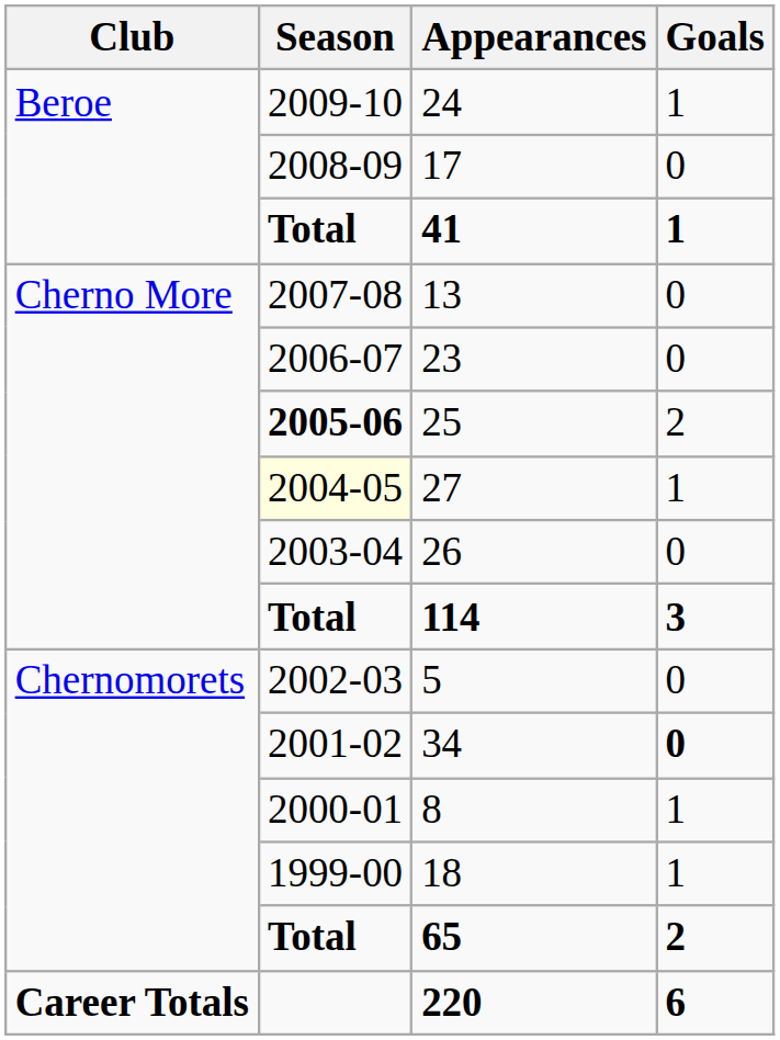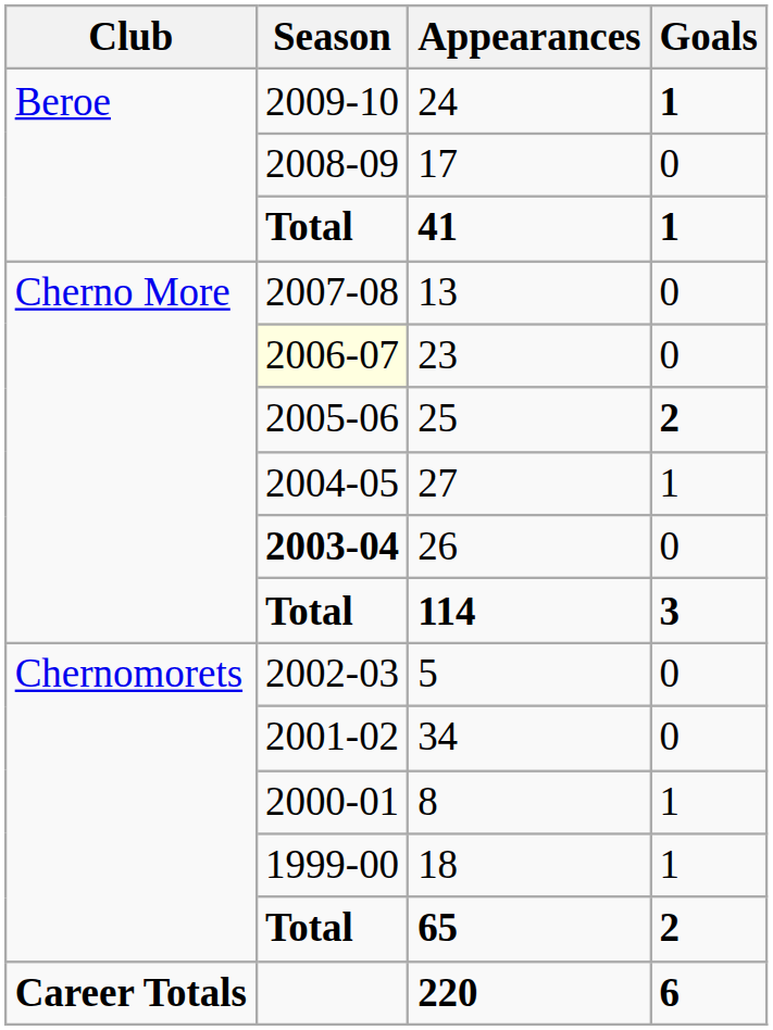 <table class="wikitable">
 <tr>
 <th rowspan="1">Club</th>
 <th rowspan="1">Season</th>
 <th rowspan="1">Appearances</th>
 <th rowspan="1">Goals</th>
 </tr>
 <tr>
 <td rowspan="3" valign=top><a href='#'>Beroe</a></td>
 <td>2009-10</td>
 <td>24</td>
-<td>1</td>
+<td><strong>1</strong></td>
 </tr>
 <tr>
 <td>2008-09</td>
 <td>17</td>
 <td>0</td>
 </tr>
 <tr>
 <td><strong>Total</strong></td>
 <td><strong>41</strong></td>
 <td><strong>1</strong></td>
 </tr>
 <tr>
 <td rowspan="6" valign=top><a href='#'>Cherno More</a></td>
 <td>2007-08</td>
 <td>13</td>
 <td>0</td>
 </tr>
 <tr>
-<td>2006-07</td>
+<td style="background: lightyellow;">2006-07</td>
 <td>23</td>
 <td>0</td>
 </tr>
 <tr>
-<td><strong>2005-06</strong></td>
+<td>2005-06</td>
 <td>25</td>
-<td>2</td>
+<td><strong>2</strong></td>
 </tr>
 <tr>
-<td style="background: lightyellow;">2004-05</td>
+<td>2004-05</td>
 <td>27</td>
 <td>1</td>
 </tr>
 <tr>
-<td>2003-04</td>
+<td><strong>2003-04</strong></td>
 <td>26</td>
 <td>0</td>
 </tr>
 <tr>
 <td><strong>Total</strong></td>
 <td><strong>114</strong></td>
 <td><strong>3</strong></td>
 </tr>
 <tr>
 <td rowspan="5" valign=top><a href='#'>Chernomorets</a></td>
 <td>2002-03</td>
 <td>5</td>
 <td>0</td>
 </tr>
 <tr>
 <td>2001-02</td>
 <td>34</td>
-<td><strong>0</strong></td>
+<td>0</td>
 </tr>
 <tr>
 <td>2000-01</td>
 <td>8</td>
 <td>1</td>
 </tr>
 <tr>
 <td>1999-00</td>
 <td>18</td>
 <td>1</td>
 </tr>
 <tr>
 <td><strong>Total</strong></td>
 <td><strong>65</strong></td>
 <td><strong>2</strong></td>
 </tr>
 <tr>
 <td rowspan="1" valign=top><strong>Career Totals</strong></td>
 <td></td>
 <td><strong>220</strong></td>
 <td><strong>6</strong></td>
 </tr>
 <tr>
 </tr>
 </table>
